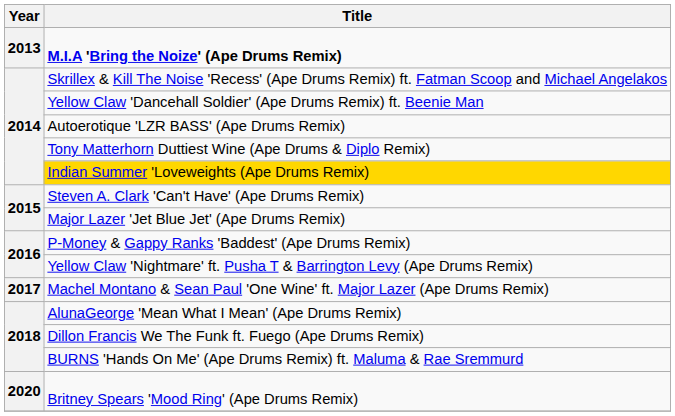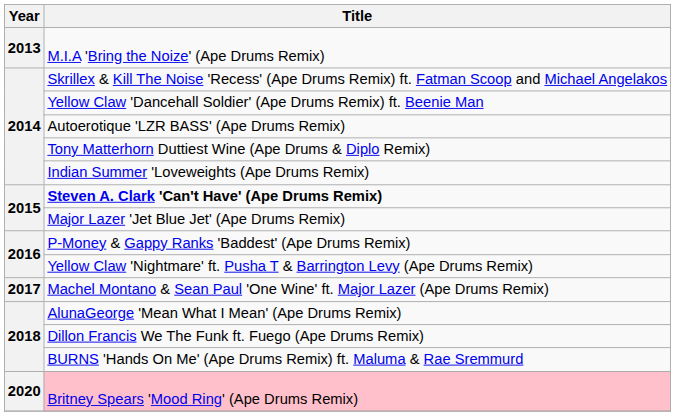 <table class="wikitable plainrowheaders" style="text-align:left;">
 <tr>
 <th scope="col">Year</th>
 <th scope="col">Title</th>
 </tr>
 <tr>
 <th scope="row">2013</th>
-<td><strong><br><a href='#'>M.I.A</a> '<a href='#'>Bring the Noize</a>' (Ape Drums Remix)</strong></td>
+<td><br><a href='#'>M.I.A</a> '<a href='#'>Bring the Noize</a>' (Ape Drums Remix)</td>
 </tr>
 <tr>
 <th scope="row" rowspan="5">2014</th>
 <td><a href='#'>Skrillex</a> & <a href='#'>Kill The Noise</a> 'Recess' (Ape Drums Remix) ft. <a href='#'>Fatman Scoop</a> and <a href='#'>Michael Angelakos</a></td>
 </tr>
 <tr>
 <td><a href='#'>Yellow Claw</a> 'Dancehall Soldier' (Ape Drums Remix) ft. <a href='#'>Beenie Man</a></td>
 </tr>
 <tr>
 <td>Autoerotique 'LZR BASS' (Ape Drums Remix)</td>
 </tr>
 <tr>
 <td><a href='#'>Tony Matterhorn</a> Duttiest Wine (Ape Drums & <a href='#'>Diplo</a> Remix)</td>
 </tr>
 <tr>
-<td style="background: gold;"><a href='#'>Indian Summer</a> 'Loveweights (Ape Drums Remix)</td>
+<td><a href='#'>Indian Summer</a> 'Loveweights (Ape Drums Remix)</td>
 </tr>
 <tr>
 <th scope="row" rowspan="2">2015</th>
-<td><a href='#'>Steven A. Clark</a> 'Can't Have' (Ape Drums Remix)</td>
+<td><strong><a href='#'>Steven A. Clark</a> 'Can't Have' (Ape Drums Remix)</strong></td>
 </tr>
 <tr>
 <td><a href='#'>Major Lazer</a> 'Jet Blue Jet' (Ape Drums Remix)</td>
 </tr>
 <tr>
 <th scope="row" rowspan="2">2016</th>
 <td><a href='#'>P-Money</a> & <a href='#'>Gappy Ranks</a> 'Baddest' (Ape Drums Remix)</td>
 </tr>
 <tr>
 <td><a href='#'>Yellow Claw</a> 'Nightmare' ft. <a href='#'>Pusha T</a> & <a href='#'>Barrington Levy</a> (Ape Drums Remix)</td>
 </tr>
 <tr>
 <th scope="row">2017</th>
 <td><a href='#'>Machel Montano</a> & <a href='#'>Sean Paul</a> 'One Wine' ft. <a href='#'>Major Lazer</a> (Ape Drums Remix)</td>
 </tr>
 <tr>
 <th scope="row" rowspan="3">2018</th>
 <td><a href='#'>AlunaGeorge</a> 'Mean What I Mean' (Ape Drums Remix)</td>
 </tr>
 <tr>
 <td><a href='#'>Dillon Francis</a> We The Funk ft. Fuego (Ape Drums Remix)</td>
 </tr>
 <tr>
 <td><a href='#'>BURNS</a> 'Hands On Me' (Ape Drums Remix) ft. <a href='#'>Maluma</a> & <a href='#'>Rae Sremmurd</a></td>
 </tr>
 <tr>
 <th scope="row">2020</th>
-<td><br><a href='#'>Britney Spears</a> '<a href='#'>Mood Ring</a>' (Ape Drums Remix)</td>
+<td style="background: pink;"><br><a href='#'>Britney Spears</a> '<a href='#'>Mood Ring</a>' (Ape Drums Remix)</td>
 </tr>
 <tr>
 </tr>
 </table>
